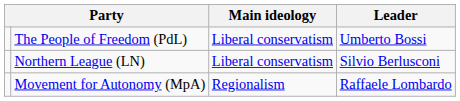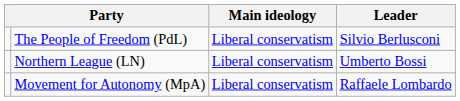 <table class=wikitable style=text-align:left>
 <tr>
 <th colspan=2>Party</th>
 <th>Main ideology</th>
 <th>Leader</th>
 </tr>
 <tr>
 <td></td>
 <td><a href='#'>The People of Freedom</a> (PdL)</td>
 <td><a href='#'>Liberal conservatism</a></td>
-<td><a href='#'>Umberto Bossi</a></td>
+<td><a href='#'>Silvio Berlusconi</a></td>
 </tr>
 <tr>
 <td></td>
 <td><a href='#'>Northern League</a> (LN)</td>
 <td><a href='#'>Liberal conservatism</a></td>
-<td><a href='#'>Silvio Berlusconi</a></td>
+<td><a href='#'>Umberto Bossi</a></td>
 </tr>
 <tr>
 <td></td>
 <td><a href='#'>Movement for Autonomy</a> (MpA)</td>
-<td><a href='#'>Regionalism</a></td>
+<td><a href='#'>Liberal conservatism</a></td>
 <td><a href='#'>Raffaele Lombardo</a></td>
 </tr>
 </table>
